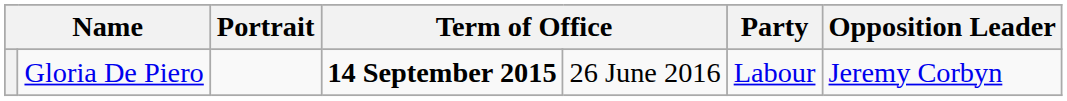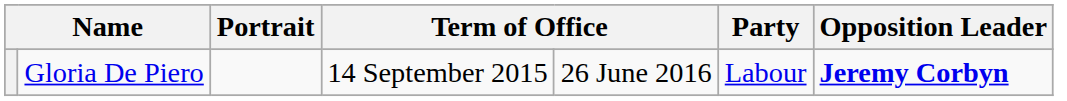 <table class="wikitable">
 <tr>
 <th colspan="2">Name</th>
 <th>Portrait</th>
 <th colspan="2">Term of Office</th>
 <th>Party</th>
 <th>Opposition Leader</th>
 </tr>
 <tr>
 <th style="background-color: "></th>
 <td><a href='#'>Gloria De Piero</a></td>
 <td></td>
-<td><strong>14 September 2015</strong></td>
+<td>14 September 2015</td>
 <td>26 June 2016</td>
 <td><a href='#'>Labour</a></td>
-<td><a href='#'>Jeremy Corbyn</a></td>
+<td><strong><a href='#'>Jeremy Corbyn</a></strong></td>
 </tr>
 </table>
